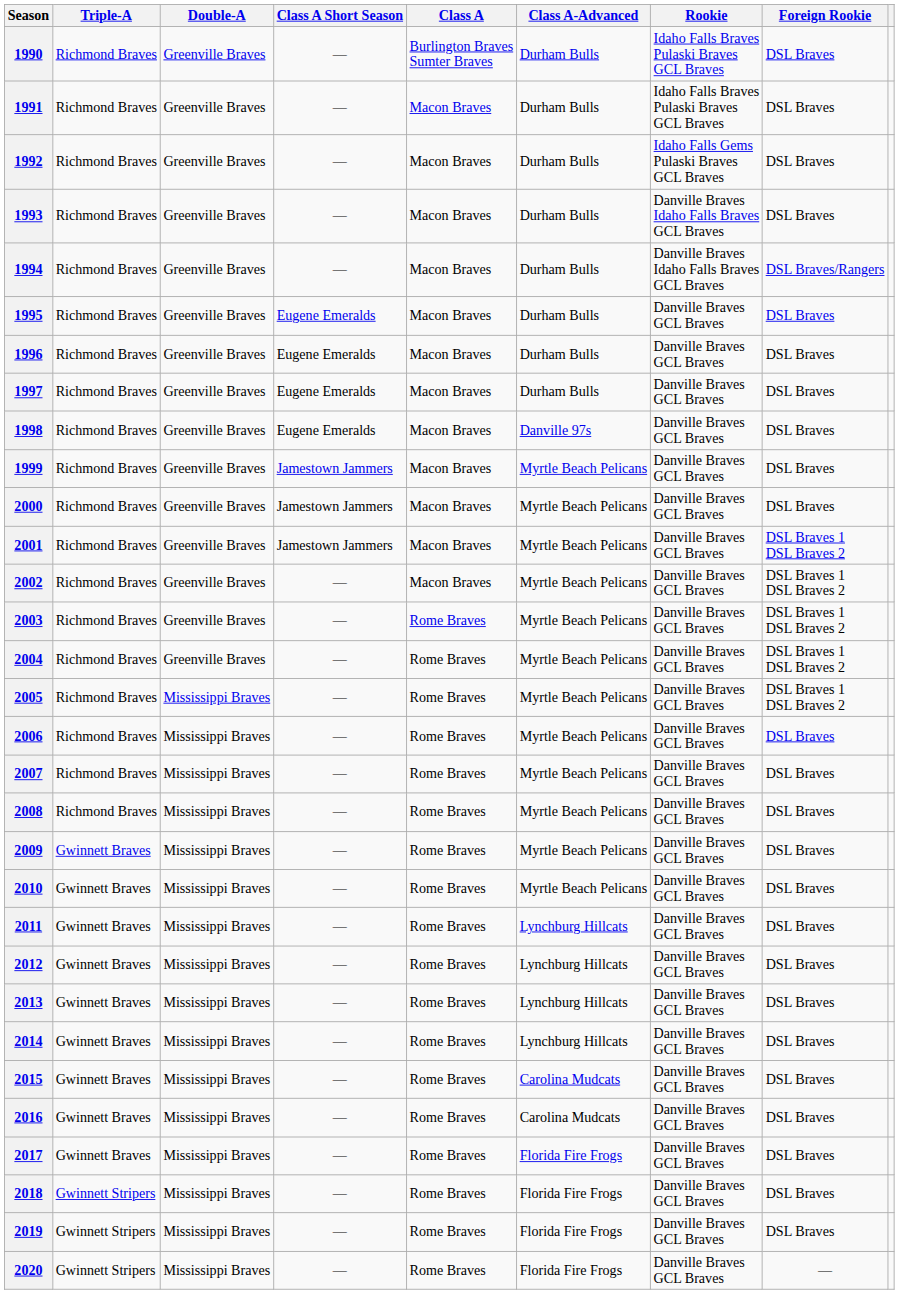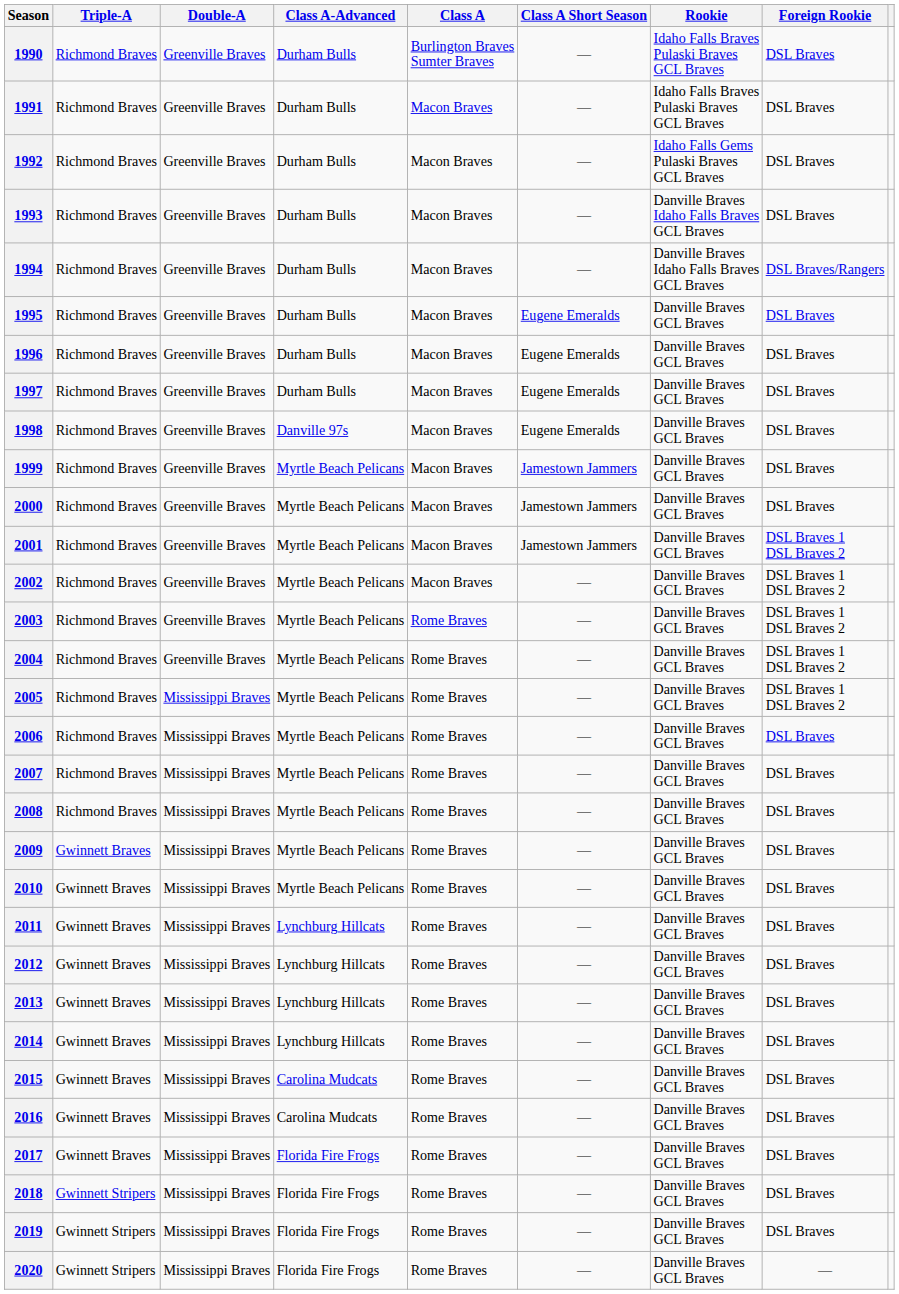 <table class="wikitable plainrowheaders">
 <tr>
 <th scope="col">Season</th>
 <th scope="col"><a href='#'><span>Triple-A</span></a></th>
 <th scope="col"><a href='#'><span>Double-A</span></a></th>
+<th scope="col"><a href='#'><span>Class A-Advanced</span></a></th>
+<th scope="col"><a href='#'><span>Class A</span></a></th>
 <th scope="col"><a href='#'><span>Class A Short Season</span></a></th>
-<th scope="col"><a href='#'><span>Class A</span></a></th>
-<th scope="col"><a href='#'><span>Class A-Advanced</span></a></th>
 <th scope="col"><a href='#'><span>Rookie</span></a></th>
 <th scope="col"><a href='#'><span>Foreign Rookie</span></a></th>
 <th scope="col"></th>
 </tr>
 <tr>
 <th scope="row" style="text-align:center"><a href='#'>1990</a></th>
 <td><a href='#'>Richmond Braves</a></td>
 <td><a href='#'>Greenville Braves</a></td>
+<td><a href='#'>Durham Bulls</a></td>
+<td><a href='#'>Burlington Braves</a><br><a href='#'>Sumter Braves</a></td>
 <td align="center">—</td>
-<td><a href='#'>Burlington Braves</a><br><a href='#'>Sumter Braves</a></td>
-<td><a href='#'>Durham Bulls</a></td>
 <td><a href='#'>Idaho Falls Braves</a><br><a href='#'>Pulaski Braves</a><br><a href='#'>GCL Braves</a></td>
 <td><a href='#'>DSL Braves</a></td>
 <td align="center"></td>
 </tr>
 <tr>
 <th scope="row" style="text-align:center"><a href='#'>1991</a></th>
 <td>Richmond Braves</td>
 <td>Greenville Braves</td>
+<td>Durham Bulls</td>
+<td><a href='#'>Macon Braves</a></td>
 <td align="center">—</td>
-<td><a href='#'>Macon Braves</a></td>
-<td>Durham Bulls</td>
 <td>Idaho Falls Braves<br>Pulaski Braves<br>GCL Braves</td>
 <td>DSL Braves</td>
 <td align="center"></td>
 </tr>
 <tr>
 <th scope="row" style="text-align:center"><a href='#'>1992</a></th>
 <td>Richmond Braves</td>
 <td>Greenville Braves</td>
+<td>Durham Bulls</td>
+<td>Macon Braves</td>
 <td align="center">—</td>
-<td>Macon Braves</td>
-<td>Durham Bulls</td>
 <td><a href='#'>Idaho Falls Gems</a><br>Pulaski Braves<br>GCL Braves</td>
 <td>DSL Braves</td>
 <td align="center"></td>
 </tr>
 <tr>
 <th scope="row" style="text-align:center"><a href='#'>1993</a></th>
 <td>Richmond Braves</td>
 <td>Greenville Braves</td>
+<td>Durham Bulls</td>
+<td>Macon Braves</td>
 <td align="center">—</td>
-<td>Macon Braves</td>
-<td>Durham Bulls</td>
 <td>Danville Braves<br><a href='#'>Idaho Falls Braves</a><br>GCL Braves</td>
 <td>DSL Braves</td>
 <td align="center"></td>
 </tr>
 <tr>
 <th scope="row" style="text-align:center"><a href='#'>1994</a></th>
 <td>Richmond Braves</td>
 <td>Greenville Braves</td>
+<td>Durham Bulls</td>
+<td>Macon Braves</td>
 <td align="center">—</td>
-<td>Macon Braves</td>
-<td>Durham Bulls</td>
 <td>Danville Braves<br>Idaho Falls Braves<br>GCL Braves</td>
 <td><a href='#'>DSL Braves/Rangers</a></td>
 <td align="center"></td>
 </tr>
 <tr>
 <th scope="row" style="text-align:center"><a href='#'>1995</a></th>
 <td>Richmond Braves</td>
 <td>Greenville Braves</td>
+<td>Durham Bulls</td>
+<td>Macon Braves</td>
 <td><a href='#'>Eugene Emeralds</a></td>
-<td>Macon Braves</td>
-<td>Durham Bulls</td>
 <td>Danville Braves<br>GCL Braves</td>
 <td><a href='#'>DSL Braves</a></td>
 <td align="center"></td>
 </tr>
 <tr>
 <th scope="row" style="text-align:center"><a href='#'>1996</a></th>
 <td>Richmond Braves</td>
 <td>Greenville Braves</td>
+<td>Durham Bulls</td>
+<td>Macon Braves</td>
 <td>Eugene Emeralds</td>
-<td>Macon Braves</td>
-<td>Durham Bulls</td>
 <td>Danville Braves<br>GCL Braves</td>
 <td>DSL Braves</td>
 <td align="center"></td>
 </tr>
 <tr>
 <th scope="row" style="text-align:center"><a href='#'>1997</a></th>
 <td>Richmond Braves</td>
 <td>Greenville Braves</td>
+<td>Durham Bulls</td>
+<td>Macon Braves</td>
 <td>Eugene Emeralds</td>
-<td>Macon Braves</td>
-<td>Durham Bulls</td>
 <td>Danville Braves<br>GCL Braves</td>
 <td>DSL Braves</td>
 <td align="center"></td>
 </tr>
 <tr>
 <th scope="row" style="text-align:center"><a href='#'>1998</a></th>
 <td>Richmond Braves</td>
 <td>Greenville Braves</td>
+<td><a href='#'>Danville 97s</a></td>
+<td>Macon Braves</td>
 <td>Eugene Emeralds</td>
-<td>Macon Braves</td>
-<td><a href='#'>Danville 97s</a></td>
 <td>Danville Braves<br>GCL Braves</td>
 <td>DSL Braves</td>
 <td align="center"></td>
 </tr>
 <tr>
 <th scope="row" style="text-align:center"><a href='#'>1999</a></th>
 <td>Richmond Braves</td>
 <td>Greenville Braves</td>
+<td><a href='#'>Myrtle Beach Pelicans</a></td>
+<td>Macon Braves</td>
 <td><a href='#'>Jamestown Jammers</a></td>
-<td>Macon Braves</td>
-<td><a href='#'>Myrtle Beach Pelicans</a></td>
 <td>Danville Braves<br>GCL Braves</td>
 <td>DSL Braves</td>
 <td align="center"></td>
 </tr>
 <tr>
 <th scope="row" style="text-align:center"><a href='#'>2000</a></th>
 <td>Richmond Braves</td>
 <td>Greenville Braves</td>
+<td>Myrtle Beach Pelicans</td>
+<td>Macon Braves</td>
 <td>Jamestown Jammers</td>
-<td>Macon Braves</td>
-<td>Myrtle Beach Pelicans</td>
 <td>Danville Braves<br>GCL Braves</td>
 <td>DSL Braves</td>
 <td align="center"></td>
 </tr>
 <tr>
 <th scope="row" style="text-align:center"><a href='#'>2001</a></th>
 <td>Richmond Braves</td>
 <td>Greenville Braves</td>
+<td>Myrtle Beach Pelicans</td>
+<td>Macon Braves</td>
 <td>Jamestown Jammers</td>
-<td>Macon Braves</td>
-<td>Myrtle Beach Pelicans</td>
 <td>Danville Braves<br>GCL Braves</td>
 <td><a href='#'>DSL Braves 1</a><br><a href='#'>DSL Braves 2</a></td>
 <td align="center"></td>
 </tr>
 <tr>
 <th scope="row" style="text-align:center"><a href='#'>2002</a></th>
 <td>Richmond Braves</td>
 <td>Greenville Braves</td>
+<td>Myrtle Beach Pelicans</td>
+<td>Macon Braves</td>
 <td align="center">—</td>
-<td>Macon Braves</td>
-<td>Myrtle Beach Pelicans</td>
 <td>Danville Braves<br>GCL Braves</td>
 <td>DSL Braves 1<br>DSL Braves 2</td>
 <td align="center"></td>
 </tr>
 <tr>
 <th scope="row" style="text-align:center"><a href='#'>2003</a></th>
 <td>Richmond Braves</td>
 <td>Greenville Braves</td>
+<td>Myrtle Beach Pelicans</td>
+<td><a href='#'>Rome Braves</a></td>
 <td align="center">—</td>
-<td><a href='#'>Rome Braves</a></td>
-<td>Myrtle Beach Pelicans</td>
 <td>Danville Braves<br>GCL Braves</td>
 <td>DSL Braves 1<br>DSL Braves 2</td>
 <td align="center"></td>
 </tr>
 <tr>
 <th scope="row" style="text-align:center"><a href='#'>2004</a></th>
 <td>Richmond Braves</td>
 <td>Greenville Braves</td>
+<td>Myrtle Beach Pelicans</td>
+<td>Rome Braves</td>
 <td align="center">—</td>
-<td>Rome Braves</td>
-<td>Myrtle Beach Pelicans</td>
 <td>Danville Braves<br>GCL Braves</td>
 <td>DSL Braves 1<br>DSL Braves 2</td>
 <td align="center"></td>
 </tr>
 <tr>
 <th scope="row" style="text-align:center"><a href='#'>2005</a></th>
 <td>Richmond Braves</td>
 <td><a href='#'>Mississippi Braves</a></td>
+<td>Myrtle Beach Pelicans</td>
+<td>Rome Braves</td>
 <td align="center">—</td>
-<td>Rome Braves</td>
-<td>Myrtle Beach Pelicans</td>
 <td>Danville Braves<br>GCL Braves</td>
 <td>DSL Braves 1<br>DSL Braves 2</td>
 <td align="center"></td>
 </tr>
 <tr>
 <th scope="row" style="text-align:center"><a href='#'>2006</a></th>
 <td>Richmond Braves</td>
 <td>Mississippi Braves</td>
+<td>Myrtle Beach Pelicans</td>
+<td>Rome Braves</td>
 <td align="center">—</td>
-<td>Rome Braves</td>
-<td>Myrtle Beach Pelicans</td>
 <td>Danville Braves<br>GCL Braves</td>
 <td><a href='#'>DSL Braves</a></td>
 <td align="center"></td>
 </tr>
 <tr>
 <th scope="row" style="text-align:center"><a href='#'>2007</a></th>
 <td>Richmond Braves</td>
 <td>Mississippi Braves</td>
+<td>Myrtle Beach Pelicans</td>
+<td>Rome Braves</td>
 <td align="center">—</td>
-<td>Rome Braves</td>
-<td>Myrtle Beach Pelicans</td>
 <td>Danville Braves<br>GCL Braves</td>
 <td>DSL Braves</td>
 <td align="center"></td>
 </tr>
 <tr>
 <th scope="row" style="text-align:center"><a href='#'>2008</a></th>
 <td>Richmond Braves</td>
 <td>Mississippi Braves</td>
+<td>Myrtle Beach Pelicans</td>
+<td>Rome Braves</td>
 <td align="center">—</td>
-<td>Rome Braves</td>
-<td>Myrtle Beach Pelicans</td>
 <td>Danville Braves<br>GCL Braves</td>
 <td>DSL Braves</td>
 <td align="center"></td>
 </tr>
 <tr>
 <th scope="row" style="text-align:center"><a href='#'>2009</a></th>
 <td><a href='#'>Gwinnett Braves</a></td>
 <td>Mississippi Braves</td>
+<td>Myrtle Beach Pelicans</td>
+<td>Rome Braves</td>
 <td align="center">—</td>
-<td>Rome Braves</td>
-<td>Myrtle Beach Pelicans</td>
 <td>Danville Braves<br>GCL Braves</td>
 <td>DSL Braves</td>
 <td align="center"></td>
 </tr>
 <tr>
 <th scope="row" style="text-align:center"><a href='#'>2010</a></th>
 <td>Gwinnett Braves</td>
 <td>Mississippi Braves</td>
+<td>Myrtle Beach Pelicans</td>
+<td>Rome Braves</td>
 <td align="center">—</td>
-<td>Rome Braves</td>
-<td>Myrtle Beach Pelicans</td>
 <td>Danville Braves<br>GCL Braves</td>
 <td>DSL Braves</td>
 <td align="center"></td>
 </tr>
 <tr>
 <th scope="row" style="text-align:center"><a href='#'>2011</a></th>
 <td>Gwinnett Braves</td>
 <td>Mississippi Braves</td>
+<td><a href='#'>Lynchburg Hillcats</a></td>
+<td>Rome Braves</td>
 <td align="center">—</td>
-<td>Rome Braves</td>
-<td><a href='#'>Lynchburg Hillcats</a></td>
 <td>Danville Braves<br>GCL Braves</td>
 <td>DSL Braves</td>
 <td align="center"></td>
 </tr>
 <tr>
 <th scope="row" style="text-align:center"><a href='#'>2012</a></th>
 <td>Gwinnett Braves</td>
 <td>Mississippi Braves</td>
+<td>Lynchburg Hillcats</td>
+<td>Rome Braves</td>
 <td align="center">—</td>
-<td>Rome Braves</td>
-<td>Lynchburg Hillcats</td>
 <td>Danville Braves<br>GCL Braves</td>
 <td>DSL Braves</td>
 <td align="center"></td>
 </tr>
 <tr>
 <th scope="row" style="text-align:center"><a href='#'>2013</a></th>
 <td>Gwinnett Braves</td>
 <td>Mississippi Braves</td>
+<td>Lynchburg Hillcats</td>
+<td>Rome Braves</td>
 <td align="center">—</td>
-<td>Rome Braves</td>
-<td>Lynchburg Hillcats</td>
 <td>Danville Braves<br>GCL Braves</td>
 <td>DSL Braves</td>
 <td align="center"></td>
 </tr>
 <tr>
 <th scope="row" style="text-align:center"><a href='#'>2014</a></th>
 <td>Gwinnett Braves</td>
 <td>Mississippi Braves</td>
+<td>Lynchburg Hillcats</td>
+<td>Rome Braves</td>
 <td align="center">—</td>
-<td>Rome Braves</td>
-<td>Lynchburg Hillcats</td>
 <td>Danville Braves<br>GCL Braves</td>
 <td>DSL Braves</td>
 <td align="center"></td>
 </tr>
 <tr>
 <th scope="row" style="text-align:center"><a href='#'>2015</a></th>
 <td>Gwinnett Braves</td>
 <td>Mississippi Braves</td>
+<td><a href='#'>Carolina Mudcats</a></td>
+<td>Rome Braves</td>
 <td align="center">—</td>
-<td>Rome Braves</td>
-<td><a href='#'>Carolina Mudcats</a></td>
 <td>Danville Braves<br>GCL Braves</td>
 <td>DSL Braves</td>
 <td align="center"></td>
 </tr>
 <tr>
 <th scope="row" style="text-align:center"><a href='#'>2016</a></th>
 <td>Gwinnett Braves</td>
 <td>Mississippi Braves</td>
+<td>Carolina Mudcats</td>
+<td>Rome Braves</td>
 <td align="center">—</td>
-<td>Rome Braves</td>
-<td>Carolina Mudcats</td>
 <td>Danville Braves<br>GCL Braves</td>
 <td>DSL Braves</td>
 <td align="center"></td>
 </tr>
 <tr>
 <th scope="row" style="text-align:center"><a href='#'>2017</a></th>
 <td>Gwinnett Braves</td>
 <td>Mississippi Braves</td>
+<td><a href='#'>Florida Fire Frogs</a></td>
+<td>Rome Braves</td>
 <td align="center">—</td>
-<td>Rome Braves</td>
-<td><a href='#'>Florida Fire Frogs</a></td>
 <td>Danville Braves<br>GCL Braves</td>
 <td>DSL Braves</td>
 <td align="center"></td>
 </tr>
 <tr>
 <th scope="row" style="text-align:center"><a href='#'>2018</a></th>
 <td><a href='#'>Gwinnett Stripers</a></td>
 <td>Mississippi Braves</td>
+<td>Florida Fire Frogs</td>
+<td>Rome Braves</td>
 <td align="center">—</td>
-<td>Rome Braves</td>
-<td>Florida Fire Frogs</td>
 <td>Danville Braves<br>GCL Braves</td>
 <td>DSL Braves</td>
 <td align="center"></td>
 </tr>
 <tr>
 <th scope="row" style="text-align:center"><a href='#'>2019</a></th>
 <td>Gwinnett Stripers</td>
 <td>Mississippi Braves</td>
+<td>Florida Fire Frogs</td>
+<td>Rome Braves</td>
 <td align="center">—</td>
-<td>Rome Braves</td>
-<td>Florida Fire Frogs</td>
 <td>Danville Braves<br>GCL Braves</td>
 <td>DSL Braves</td>
 <td align="center"></td>
 </tr>
 <tr>
 <th scope="row" style="text-align:center"><a href='#'>2020</a></th>
 <td>Gwinnett Stripers</td>
 <td>Mississippi Braves</td>
+<td>Florida Fire Frogs</td>
+<td>Rome Braves</td>
 <td align="center">—</td>
-<td>Rome Braves</td>
-<td>Florida Fire Frogs</td>
 <td>Danville Braves<br>GCL Braves</td>
 <td align="center">—</td>
 <td align="center"></td>
 </tr>
 </table>
